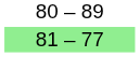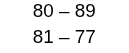 <table style="text-align:center;">
 <tr>
 <th width=200></th>
 <th width=100></th>
 <th width=200></th>
 <th></th>
 </tr>
 <tr>
 <td align=right></td>
 <td>80 – 89</td>
 <td align=left><strong></strong></td>
 </tr>
 <tr>
 <td align=right><strong></strong></td>
-<td style="background: lightgreen;">81 – 77</td>
+<td>81 – 77</td>
 <td align=left></td>
 </tr>
 </table>
